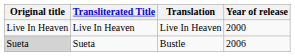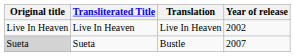 <table class="wikitable">
 <tr>
 <th>Original title</th>
 <th><a href='#'>Transliterated Title</a></th>
 <th>Translation</th>
 <th>Year of release</th>
 </tr>
 <tr>
 <td>Live In Heaven</td>
 <td>Live In Heaven</td>
 <td>Live In Heaven</td>
-<td>2000</td>
+<td>2002</td>
 </tr>
 <tr>
 <td style="background: lightgrey;">Sueta</td>
 <td>Sueta</td>
 <td>Bustle</td>
-<td>2006</td>
+<td>2007</td>
 </tr>
 </table>
